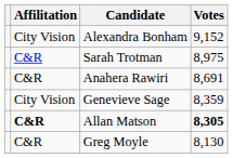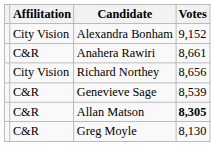 <table class="wikitable">
 <tr>
 <th></th>
 <th>Affilitation</th>
 <th>Candidate</th>
 <th>Votes</th>
 </tr>
 <tr>
 <td style="background-color: "></td>
 <td>City Vision</td>
 <td>Alexandra Bonham</td>
 <td>9,152</td>
 </tr>
 <tr>
 <td style="background-color: "></td>
-<td><a href='#'>C&R</a></td>
-<td>Sarah Trotman</td>
-<td>8,975</td>
+<td>C&R</td>
+<td>Anahera Rawiri</td>
+<td>8,661</td>
+</tr>
+<tr>
+<td style="background-color: "></td>
+<td>City Vision</td>
+<td>Richard Northey</td>
+<td>8,656</td>
 </tr>
 <tr>
 <td style="background-color: "></td>
 <td>C&R</td>
-<td>Anahera Rawiri</td>
-<td>8,691</td>
+<td>Genevieve Sage</td>
+<td>8,539</td>
 </tr>
 <tr>
 <td style="background-color: "></td>
-<td>City Vision</td>
-<td>Genevieve Sage</td>
-<td>8,359</td>
-</tr>
-<tr>
-<td style="background-color: "></td>
-<td><strong>C&R</strong></td>
+<td>C&R</td>
 <td>Allan Matson</td>
 <td><strong>8,305</strong></td>
 </tr>
 <tr>
 <td style="background-color: "></td>
 <td>C&R</td>
 <td>Greg Moyle</td>
 <td>8,130</td>
 </tr>
 </table>
